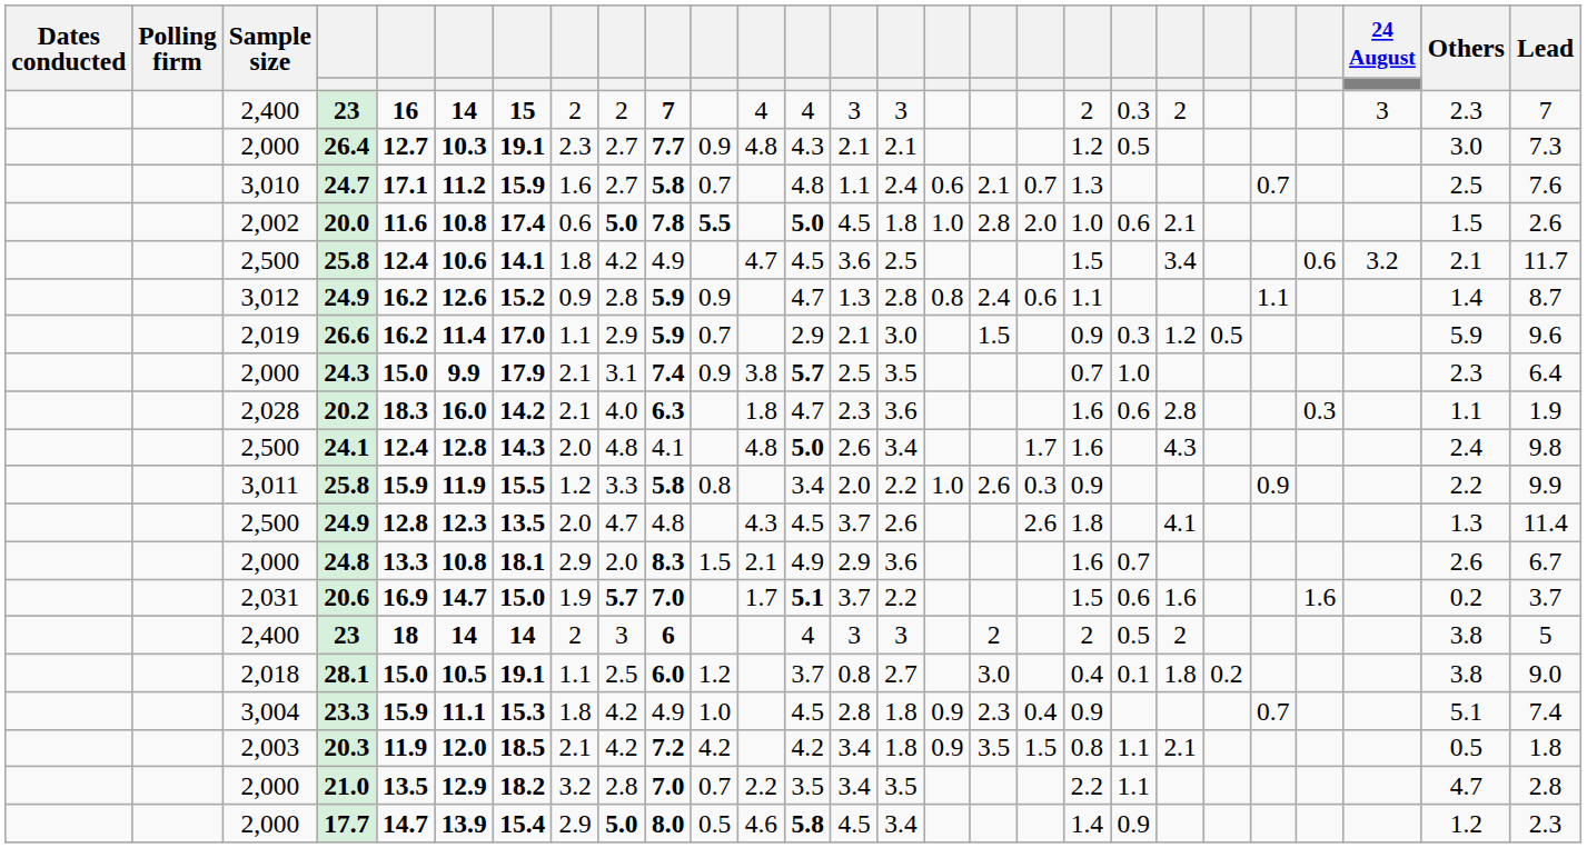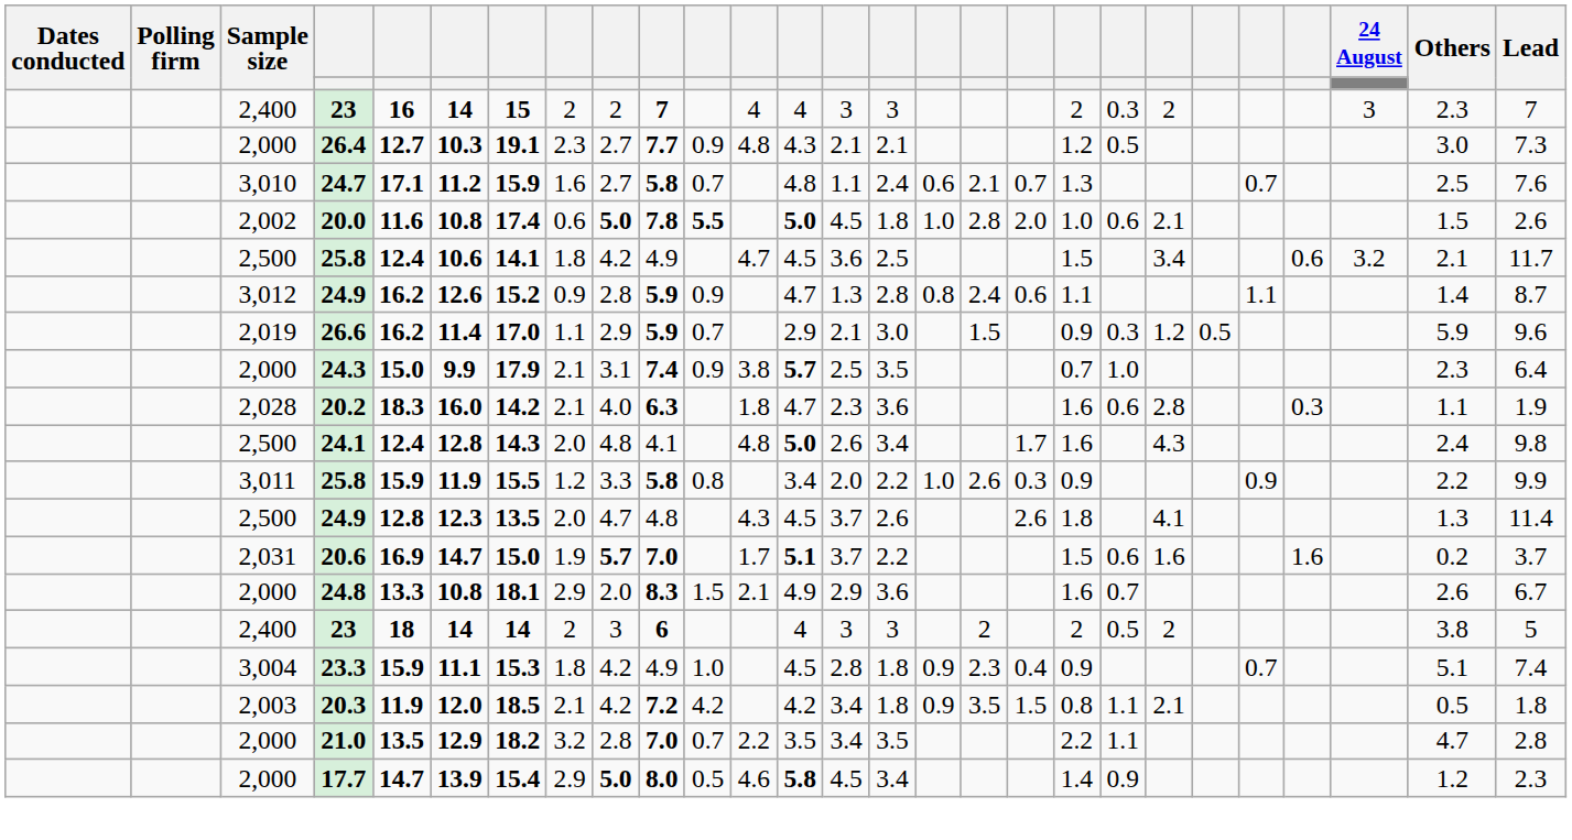 <table class="wikitable sortable mw-datatable mw-collapsible" style="text-align:center;font-size:90%;line-height:14px;">
 <tr style="height:40px;">
 <th rowspan="2">Dates<br>conducted</th>
 <th rowspan="2">Polling firm</th>
 <th rowspan="2">Sample<br>size</th>
 <th class="unsortable" style="width:30px;"></th>
 <th class="unsortable" style="width:30px;"></th>
 <th class="unsortable" style="width:30px;"></th>
 <th class="unsortable" style="width:30px;"></th>
 <th class="unsortable" style="width:30px;"></th>
 <th class="unsortable" style="width:30px;"></th>
 <th class="unsortable" style="width:30px;"></th>
 <th class="unsortable" style="width:30px;"></th>
 <th class="unsortable" style="width:30px;"></th>
 <th class="unsortable" style="width:30px;"></th>
 <th class="unsortable" style="width:30px;"></th>
 <th class="unsortable" style="width:30px;"></th>
 <th class="unsortable" style="width:30px;"></th>
 <th class="unsortable" style="width:30px;"></th>
 <th class="unsortable" style="width:30px;"></th>
 <th class="unsortable" style="width:30px;"></th>
 <th class="unsortable" style="width:30px;"></th>
 <th class="unsortable" style="width:30px;"></th>
 <th class="unsortable" style="width:30px;"></th>
 <th class="unsortable" style="width:30px;"></th>
 <th class="unsortable" style="width:30px;"></th>
 <th class="unsortable" style="width:30px;"><small><a href='#'>24<br>August</a></small></th>
 <th class="unsortable" rowspan="2" style="width:30px;">Others</th>
 <th rowspan="2" style="width:30px;">Lead</th>
 </tr>
 <tr>
 <th data-sort-type="number" style="background:"></th>
 <th data-sort-type="number" style="background:"></th>
 <th data-sort-type="number" style="background:"></th>
 <th data-sort-type="number" style="background:"></th>
 <th data-sort-type="number" style="background:"></th>
 <th data-sort-type="number" style="background:"></th>
 <th data-sort-type="number" style="background:"></th>
 <th data-sort-type="number" style="background:"></th>
 <th data-sort-type="number" style="background:"></th>
 <th data-sort-type="number" style="background:"></th>
 <th data-sort-type="number" style="background:"></th>
 <th data-sort-type="number" style="background:"></th>
 <th data-sort-type="number" style="background:"></th>
 <th data-sort-type="number" style="background:"></th>
 <th data-sort-type="number" style="background:"></th>
 <th data-sort-type="number" style="background:"></th>
 <th data-sort-type="number" style="background:"></th>
 <th data-sort-type="number" style="background:"></th>
 <th data-sort-type="number" style="background:"></th>
 <th data-sort-type="number" style="background:"></th>
 <th data-sort-type="number" style="background:"></th>
 <th data-sort-type="number" style="background:#808080;"></th>
 </tr>
 <tr>
 <td></td>
 <td></td>
 <td>2,400</td>
 <td style="background:#D7F0DB;"><strong>23</strong></td>
 <td><strong>16</strong></td>
 <td><strong>14</strong></td>
 <td><strong>15</strong></td>
 <td>2</td>
 <td>2</td>
 <td><strong>7</strong></td>
 <td></td>
 <td>4</td>
 <td>4</td>
 <td>3</td>
 <td>3</td>
 <td></td>
 <td></td>
 <td></td>
 <td>2</td>
 <td>0.3</td>
 <td>2</td>
 <td></td>
 <td></td>
 <td></td>
 <td>3</td>
 <td>2.3</td>
 <td style="background:">7</td>
 </tr>
 <tr>
 <td></td>
 <td></td>
 <td>2,000</td>
 <td style="background:#D7F0DB;"><strong>26.4</strong></td>
 <td><strong>12.7</strong></td>
 <td><strong>10.3</strong></td>
 <td><strong>19.1</strong></td>
 <td>2.3</td>
 <td>2.7</td>
 <td><strong>7.7</strong></td>
 <td>0.9</td>
 <td>4.8</td>
 <td>4.3</td>
 <td>2.1</td>
 <td>2.1</td>
 <td></td>
 <td></td>
 <td></td>
 <td>1.2</td>
 <td>0.5</td>
 <td></td>
 <td></td>
 <td></td>
 <td></td>
 <td></td>
 <td>3.0</td>
 <td style="background:">7.3</td>
 </tr>
 <tr>
 <td></td>
 <td></td>
 <td>3,010</td>
 <td style="background:#D7F0DB;"><strong>24.7</strong></td>
 <td><strong>17.1</strong></td>
 <td><strong>11.2</strong></td>
 <td><strong>15.9</strong></td>
 <td>1.6</td>
 <td>2.7</td>
 <td><strong>5.8</strong></td>
 <td>0.7</td>
 <td></td>
 <td>4.8</td>
 <td>1.1</td>
 <td>2.4</td>
 <td>0.6</td>
 <td>2.1</td>
 <td>0.7</td>
 <td>1.3</td>
 <td></td>
 <td></td>
 <td></td>
 <td>0.7</td>
 <td></td>
 <td></td>
 <td>2.5</td>
 <td style="background:">7.6</td>
 </tr>
 <tr>
 <td></td>
 <td></td>
 <td>2,002</td>
 <td style="background:#D7F0DB;"><strong>20.0</strong></td>
 <td><strong>11.6</strong></td>
 <td><strong>10.8</strong></td>
 <td><strong>17.4</strong></td>
 <td>0.6</td>
 <td><strong>5.0</strong></td>
 <td><strong>7.8</strong></td>
 <td><strong>5.5</strong></td>
 <td></td>
 <td><strong>5.0</strong></td>
 <td>4.5</td>
 <td>1.8</td>
 <td>1.0</td>
 <td>2.8</td>
 <td>2.0</td>
 <td>1.0</td>
 <td>0.6</td>
 <td>2.1</td>
 <td></td>
 <td></td>
 <td></td>
 <td></td>
 <td>1.5</td>
 <td style="background:">2.6</td>
 </tr>
 <tr>
 <td></td>
 <td></td>
 <td>2,500</td>
 <td style="background:#D7F0DB;"><strong>25.8</strong></td>
 <td><strong>12.4</strong></td>
 <td><strong>10.6</strong></td>
 <td><strong>14.1</strong></td>
 <td>1.8</td>
 <td>4.2</td>
 <td>4.9</td>
 <td></td>
 <td>4.7</td>
 <td>4.5</td>
 <td>3.6</td>
 <td>2.5</td>
 <td></td>
 <td></td>
 <td></td>
 <td>1.5</td>
 <td></td>
 <td>3.4</td>
 <td></td>
 <td></td>
 <td>0.6</td>
 <td>3.2</td>
 <td>2.1</td>
 <td style="background:">11.7</td>
 </tr>
 <tr>
 <td></td>
 <td></td>
 <td>3,012</td>
 <td style="background:#D7F0DB;"><strong>24.9</strong></td>
 <td><strong>16.2</strong></td>
 <td><strong>12.6</strong></td>
 <td><strong>15.2</strong></td>
 <td>0.9</td>
 <td>2.8</td>
 <td><strong>5.9</strong></td>
 <td>0.9</td>
 <td></td>
 <td>4.7</td>
 <td>1.3</td>
 <td>2.8</td>
 <td>0.8</td>
 <td>2.4</td>
 <td>0.6</td>
 <td>1.1</td>
 <td></td>
 <td></td>
 <td></td>
 <td>1.1</td>
 <td></td>
 <td></td>
 <td>1.4</td>
 <td style="background:">8.7</td>
 </tr>
 <tr>
 <td></td>
 <td></td>
 <td>2,019</td>
 <td style="background:#D7F0DB;"><strong>26.6</strong></td>
 <td><strong>16.2</strong></td>
 <td><strong>11.4</strong></td>
 <td><strong>17.0</strong></td>
 <td>1.1</td>
 <td>2.9</td>
 <td><strong>5.9</strong></td>
 <td>0.7</td>
 <td></td>
 <td>2.9</td>
 <td>2.1</td>
 <td>3.0</td>
 <td></td>
 <td>1.5</td>
 <td></td>
 <td>0.9</td>
 <td>0.3</td>
 <td>1.2</td>
 <td>0.5</td>
 <td></td>
 <td></td>
 <td></td>
 <td>5.9</td>
 <td style="background:">9.6</td>
 </tr>
 <tr>
 <td></td>
 <td></td>
 <td>2,000</td>
 <td style="background:#D7F0DB;"><strong>24.3</strong></td>
 <td><strong>15.0</strong></td>
 <td><strong>9.9</strong></td>
 <td><strong>17.9</strong></td>
 <td>2.1</td>
 <td>3.1</td>
 <td><strong>7.4</strong></td>
 <td>0.9</td>
 <td>3.8</td>
 <td><strong>5.7</strong></td>
 <td>2.5</td>
 <td>3.5</td>
 <td></td>
 <td></td>
 <td></td>
 <td>0.7</td>
 <td>1.0</td>
 <td></td>
 <td></td>
 <td></td>
 <td></td>
 <td></td>
 <td>2.3</td>
 <td style="background:">6.4</td>
 </tr>
 <tr>
 <td></td>
 <td></td>
 <td>2,028</td>
 <td style="background:#D7F0DB;"><strong>20.2</strong></td>
 <td><strong>18.3</strong></td>
 <td><strong>16.0</strong></td>
 <td><strong>14.2</strong></td>
 <td>2.1</td>
 <td>4.0</td>
 <td><strong>6.3</strong></td>
 <td></td>
 <td>1.8</td>
 <td>4.7</td>
 <td>2.3</td>
 <td>3.6</td>
 <td></td>
 <td></td>
 <td></td>
 <td>1.6</td>
 <td>0.6</td>
 <td>2.8</td>
 <td></td>
 <td></td>
 <td>0.3</td>
 <td></td>
 <td>1.1</td>
 <td style="background:">1.9</td>
 </tr>
 <tr>
 <td></td>
 <td></td>
 <td>2,500</td>
 <td style="background:#D7F0DB;"><strong>24.1</strong></td>
 <td><strong>12.4</strong></td>
 <td><strong>12.8</strong></td>
 <td><strong>14.3</strong></td>
 <td>2.0</td>
 <td>4.8</td>
 <td>4.1</td>
 <td></td>
 <td>4.8</td>
 <td><strong>5.0</strong></td>
 <td>2.6</td>
 <td>3.4</td>
 <td></td>
 <td></td>
 <td>1.7</td>
 <td>1.6</td>
 <td></td>
 <td>4.3</td>
 <td></td>
 <td></td>
 <td></td>
 <td></td>
 <td>2.4</td>
 <td style="background:">9.8</td>
 </tr>
 <tr>
 <td></td>
 <td></td>
 <td>3,011</td>
 <td style="background:#D7F0DB;"><strong>25.8</strong></td>
 <td><strong>15.9</strong></td>
 <td><strong>11.9</strong></td>
 <td><strong>15.5</strong></td>
 <td>1.2</td>
 <td>3.3</td>
 <td><strong>5.8</strong></td>
 <td>0.8</td>
 <td></td>
 <td>3.4</td>
 <td>2.0</td>
 <td>2.2</td>
 <td>1.0</td>
 <td>2.6</td>
 <td>0.3</td>
 <td>0.9</td>
 <td></td>
 <td></td>
 <td></td>
 <td>0.9</td>
 <td></td>
 <td></td>
 <td>2.2</td>
 <td style="background:">9.9</td>
 </tr>
 <tr>
 <td></td>
 <td></td>
 <td>2,500</td>
 <td style="background:#D7F0DB;"><strong>24.9</strong></td>
 <td><strong>12.8</strong></td>
 <td><strong>12.3</strong></td>
 <td><strong>13.5</strong></td>
 <td>2.0</td>
 <td>4.7</td>
 <td>4.8</td>
 <td></td>
 <td>4.3</td>
 <td>4.5</td>
 <td>3.7</td>
 <td>2.6</td>
 <td></td>
 <td></td>
 <td>2.6</td>
 <td>1.8</td>
 <td></td>
 <td>4.1</td>
 <td></td>
 <td></td>
 <td></td>
 <td></td>
 <td>1.3</td>
 <td style="background:">11.4</td>
 </tr>
 <tr>
 <td></td>
 <td></td>
+<td>2,031</td>
+<td style="background:#D7F0DB;"><strong>20.6</strong></td>
+<td><strong>16.9</strong></td>
+<td><strong>14.7</strong></td>
+<td><strong>15.0</strong></td>
+<td>1.9</td>
+<td><strong>5.7</strong></td>
+<td><strong>7.0</strong></td>
+<td></td>
+<td>1.7</td>
+<td><strong>5.1</strong></td>
+<td>3.7</td>
+<td>2.2</td>
+<td></td>
+<td></td>
+<td></td>
+<td>1.5</td>
+<td>0.6</td>
+<td>1.6</td>
+<td></td>
+<td></td>
+<td>1.6</td>
+<td></td>
+<td>0.2</td>
+<td style="background:">3.7</td>
+</tr>
+<tr>
+<td></td>
+<td></td>
 <td>2,000</td>
 <td style="background:#D7F0DB;"><strong>24.8</strong></td>
 <td><strong>13.3</strong></td>
 <td><strong>10.8</strong></td>
 <td><strong>18.1</strong></td>
 <td>2.9</td>
 <td>2.0</td>
 <td><strong>8.3</strong></td>
 <td>1.5</td>
 <td>2.1</td>
 <td>4.9</td>
 <td>2.9</td>
 <td>3.6</td>
 <td></td>
 <td></td>
 <td></td>
 <td>1.6</td>
 <td>0.7</td>
 <td></td>
 <td></td>
 <td></td>
 <td></td>
 <td></td>
 <td>2.6</td>
 <td style="background:">6.7</td>
 </tr>
 <tr>
 <td></td>
 <td></td>
-<td>2,031</td>
-<td style="background:#D7F0DB;"><strong>20.6</strong></td>
-<td><strong>16.9</strong></td>
-<td><strong>14.7</strong></td>
-<td><strong>15.0</strong></td>
-<td>1.9</td>
-<td><strong>5.7</strong></td>
-<td><strong>7.0</strong></td>
-<td></td>
-<td>1.7</td>
-<td><strong>5.1</strong></td>
-<td>3.7</td>
-<td>2.2</td>
-<td></td>
-<td></td>
-<td></td>
-<td>1.5</td>
-<td>0.6</td>
-<td>1.6</td>
-<td></td>
-<td></td>
-<td>1.6</td>
-<td></td>
-<td>0.2</td>
-<td style="background:">3.7</td>
-</tr>
-<tr>
-<td></td>
-<td></td>
 <td>2,400</td>
 <td style="background:#D7F0DB;"><strong>23</strong></td>
 <td><strong>18</strong></td>
 <td><strong>14</strong></td>
 <td><strong>14</strong></td>
 <td>2</td>
 <td>3</td>
 <td><strong>6</strong></td>
 <td></td>
 <td></td>
 <td>4</td>
 <td>3</td>
 <td>3</td>
 <td></td>
 <td>2</td>
 <td></td>
 <td>2</td>
 <td>0.5</td>
 <td>2</td>
 <td></td>
 <td></td>
 <td></td>
 <td></td>
 <td>3.8</td>
 <td style="background:">5</td>
-</tr>
-<tr>
-<td></td>
-<td></td>
-<td>2,018</td>
-<td style="background:#D7F0DB;"><strong>28.1</strong></td>
-<td><strong>15.0</strong></td>
-<td><strong>10.5</strong></td>
-<td><strong>19.1</strong></td>
-<td>1.1</td>
-<td>2.5</td>
-<td><strong>6.0</strong></td>
-<td>1.2</td>
-<td></td>
-<td>3.7</td>
-<td>0.8</td>
-<td>2.7</td>
-<td></td>
-<td>3.0</td>
-<td></td>
-<td>0.4</td>
-<td>0.1</td>
-<td>1.8</td>
-<td>0.2</td>
-<td></td>
-<td></td>
-<td></td>
-<td>3.8</td>
-<td style="background:">9.0</td>
 </tr>
 <tr>
 <td></td>
 <td></td>
 <td>3,004</td>
 <td style="background:#D7F0DB;"><strong>23.3</strong></td>
 <td><strong>15.9</strong></td>
 <td><strong>11.1</strong></td>
 <td><strong>15.3</strong></td>
 <td>1.8</td>
 <td>4.2</td>
 <td>4.9</td>
 <td>1.0</td>
 <td></td>
 <td>4.5</td>
 <td>2.8</td>
 <td>1.8</td>
 <td>0.9</td>
 <td>2.3</td>
 <td>0.4</td>
 <td>0.9</td>
 <td></td>
 <td></td>
 <td></td>
 <td>0.7</td>
 <td></td>
 <td></td>
 <td>5.1</td>
 <td style="background:">7.4</td>
 </tr>
 <tr>
 <td></td>
 <td></td>
 <td>2,003</td>
 <td style="background:#D7F0DB;"><strong>20.3</strong></td>
 <td><strong>11.9</strong></td>
 <td><strong>12.0</strong></td>
 <td><strong>18.5</strong></td>
 <td>2.1</td>
 <td>4.2</td>
 <td><strong>7.2</strong></td>
 <td>4.2</td>
 <td></td>
 <td>4.2</td>
 <td>3.4</td>
 <td>1.8</td>
 <td>0.9</td>
 <td>3.5</td>
 <td>1.5</td>
 <td>0.8</td>
 <td>1.1</td>
 <td>2.1</td>
 <td></td>
 <td></td>
 <td></td>
 <td></td>
 <td>0.5</td>
 <td style="background:">1.8</td>
 </tr>
 <tr>
 <td></td>
 <td></td>
 <td>2,000</td>
 <td style="background:#D7F0DB;"><strong>21.0</strong></td>
 <td><strong>13.5</strong></td>
 <td><strong>12.9</strong></td>
 <td><strong>18.2</strong></td>
 <td>3.2</td>
 <td>2.8</td>
 <td><strong>7.0</strong></td>
 <td>0.7</td>
 <td>2.2</td>
 <td>3.5</td>
 <td>3.4</td>
 <td>3.5</td>
 <td></td>
 <td></td>
 <td></td>
 <td>2.2</td>
 <td>1.1</td>
 <td></td>
 <td></td>
 <td></td>
 <td></td>
 <td></td>
 <td>4.7</td>
 <td style="background:">2.8</td>
 </tr>
 <tr>
 <td></td>
 <td></td>
 <td>2,000</td>
 <td style="background:#D7F0DB;"><strong>17.7</strong></td>
 <td><strong>14.7</strong></td>
 <td><strong>13.9</strong></td>
 <td><strong>15.4</strong></td>
 <td>2.9</td>
 <td><strong>5.0</strong></td>
 <td><strong>8.0</strong></td>
 <td>0.5</td>
 <td>4.6</td>
 <td><strong>5.8</strong></td>
 <td>4.5</td>
 <td>3.4</td>
 <td></td>
 <td></td>
 <td></td>
 <td>1.4</td>
 <td>0.9</td>
 <td></td>
 <td></td>
 <td></td>
 <td></td>
 <td></td>
 <td>1.2</td>
 <td style="background:">2.3</td>
 </tr>
 </table>
